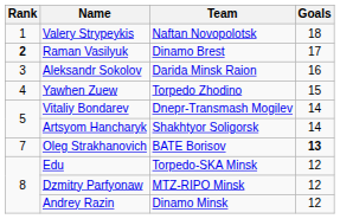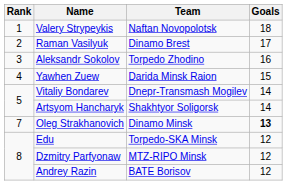 <table class="wikitable" style="text-align:left">
 <tr>
 <th>Rank</th>
 <th>Name</th>
 <th>Team</th>
 <th>Goals</th>
 </tr>
 <tr>
 <td align="center">1</td>
 <td> <a href='#'>Valery Strypeykis</a></td>
 <td><a href='#'>Naftan Novopolotsk</a></td>
 <td align="center">18</td>
 </tr>
 <tr>
-<td align="center"><strong>2</strong></td>
+<td align="center">2</td>
 <td> <a href='#'>Raman Vasilyuk</a></td>
 <td><a href='#'>Dinamo Brest</a></td>
 <td align="center">17</td>
 </tr>
 <tr>
 <td align="center">3</td>
 <td> <a href='#'>Aleksandr Sokolov</a></td>
-<td><a href='#'>Darida Minsk Raion</a></td>
+<td><a href='#'>Torpedo Zhodino</a></td>
 <td align="center">16</td>
 </tr>
 <tr>
 <td align="center">4</td>
 <td> <a href='#'>Yawhen Zuew</a></td>
-<td><a href='#'>Torpedo Zhodino</a></td>
+<td><a href='#'>Darida Minsk Raion</a></td>
 <td align="center">15</td>
 </tr>
 <tr>
 <td align="center" rowspan="2">5</td>
 <td> <a href='#'>Vitaliy Bondarev</a></td>
 <td><a href='#'>Dnepr-Transmash Mogilev</a></td>
 <td align="center">14</td>
 </tr>
 <tr>
 <td> <a href='#'>Artsyom Hancharyk</a></td>
 <td><a href='#'>Shakhtyor Soligorsk</a></td>
 <td align="center">14</td>
 </tr>
 <tr>
 <td align="center">7</td>
 <td> <a href='#'>Oleg Strakhanovich</a></td>
-<td><a href='#'>BATE Borisov</a></td>
+<td><a href='#'>Dinamo Minsk</a></td>
 <td align="center"><strong>13</strong></td>
 </tr>
 <tr>
 <td align="center" rowspan="3">8</td>
 <td> <a href='#'>Edu</a></td>
 <td><a href='#'>Torpedo-SKA Minsk</a></td>
 <td align="center">12</td>
 </tr>
 <tr>
 <td> <a href='#'>Dzmitry Parfyonaw</a></td>
 <td><a href='#'>MTZ-RIPO Minsk</a></td>
 <td align="center">12</td>
 </tr>
 <tr>
 <td> <a href='#'>Andrey Razin</a></td>
-<td><a href='#'>Dinamo Minsk</a></td>
+<td><a href='#'>BATE Borisov</a></td>
 <td align="center">12</td>
 </tr>
 </table>
